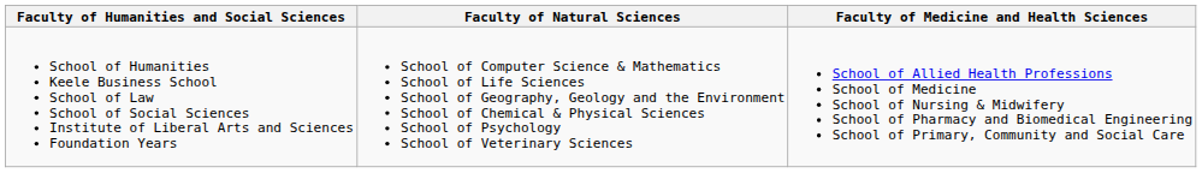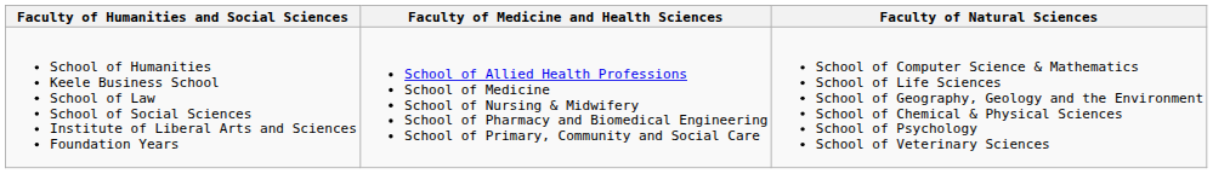 <table class=wikitable>
 <tr>
 <th>Faculty of Humanities and Social Sciences</th>
+<th>Faculty of Medicine and Health Sciences</th>
 <th>Faculty of Natural Sciences</th>
-<th>Faculty of Medicine and Health Sciences</th>
 </tr>
 <tr>
 <td><br><ul><li>School of Humanities</li><li>Keele Business School</li><li>School of Law</li><li>School of Social Sciences</li><li>Institute of Liberal Arts and Sciences</li><li>Foundation Years</li></ul></td>
+<td><br><ul><li><a href='#'>School of Allied Health Professions</a></li><li>School of Medicine</li><li>School of Nursing & Midwifery</li><li>School of Pharmacy and Biomedical Engineering</li><li>School of Primary, Community and Social Care</li></ul></td>
 <td><br><ul><li>School of Computer Science & Mathematics</li><li>School of Life Sciences</li><li>School of Geography, Geology and the Environment</li><li>School of Chemical & Physical Sciences</li><li>School of Psychology</li><li>School of Veterinary Sciences</li></ul></td>
-<td><br><ul><li><a href='#'>School of Allied Health Professions</a></li><li>School of Medicine</li><li>School of Nursing & Midwifery</li><li>School of Pharmacy and Biomedical Engineering</li><li>School of Primary, Community and Social Care</li></ul></td>
 </tr>
 </table>
